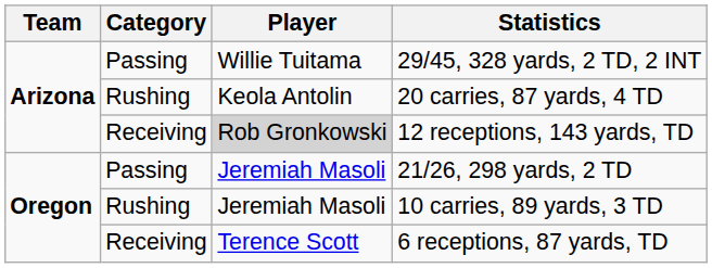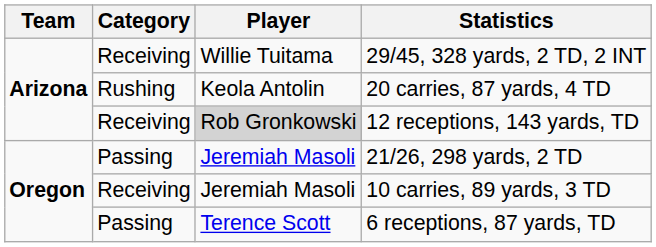 <table class="wikitable" style="float: right;">
 <tr>
 <th>Team</th>
 <th>Category</th>
 <th>Player</th>
 <th>Statistics</th>
 </tr>
 <tr>
 <td rowspan=3><strong>Arizona</strong></td>
-<td>Passing</td>
+<td>Receiving</td>
 <td>Willie Tuitama</td>
 <td>29/45, 328 yards, 2 TD, 2 INT</td>
 </tr>
 <tr>
 <td>Rushing</td>
 <td>Keola Antolin</td>
 <td>20 carries, 87 yards, 4 TD</td>
 </tr>
 <tr>
 <td>Receiving</td>
 <td style="background: lightgrey;">Rob Gronkowski</td>
 <td>12 receptions, 143 yards, TD</td>
 </tr>
 <tr>
 <td rowspan=3><strong>Oregon</strong></td>
 <td>Passing</td>
 <td><a href='#'>Jeremiah Masoli</a></td>
 <td>21/26, 298 yards, 2 TD</td>
 </tr>
 <tr>
-<td>Rushing</td>
+<td>Receiving</td>
 <td>Jeremiah Masoli</td>
 <td>10 carries, 89 yards, 3 TD</td>
 </tr>
 <tr>
-<td>Receiving</td>
+<td>Passing</td>
 <td><a href='#'>Terence Scott</a></td>
 <td>6 receptions, 87 yards, TD</td>
 </tr>
 </table>
